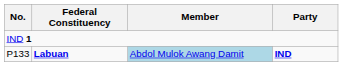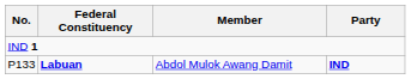 <table class="wikitable sortable">
 <tr>
 <th style="width:30px;">No.</th>
 <th style="width:150px;">Federal Constituency</th>
 <th style="width:230px;">Member</th>
 <th style="width:100px;">Party</th>
 </tr>
 <tr>
 <td colspan="4"><a href='#'>IND</a> <strong>1</strong></td>
 </tr>
 <tr>
 <td>P133</td>
 <td><strong><a href='#'>Labuan</a></strong></td>
-<td style="background: lightblue;"><a href='#'>Abdol Mulok Awang Damit</a></td>
+<td><a href='#'>Abdol Mulok Awang Damit</a></td>
 <td><strong><a href='#'>IND</a></strong></td>
 </tr>
 </table>
